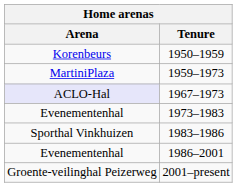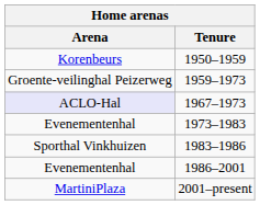 <table class="wikitable" style="text-align:center">
 <tr>
 <th colspan="3">Home arenas</th>
 </tr>
 <tr>
 <th>Arena</th>
 <th>Tenure</th>
 </tr>
 <tr>
 <td><a href='#'>Korenbeurs</a></td>
 <td>1950–1959</td>
 </tr>
 <tr>
-<td><a href='#'>MartiniPlaza</a></td>
+<td>Groente-veilinghal Peizerweg</td>
 <td>1959–1973</td>
 </tr>
 <tr>
 <td style="background: lavender;">ACLO-Hal</td>
 <td>1967–1973</td>
 </tr>
 <tr>
 <td>Evenementenhal</td>
 <td>1973–1983</td>
 </tr>
 <tr>
 <td>Sporthal Vinkhuizen</td>
 <td>1983–1986</td>
 </tr>
 <tr>
 <td>Evenementenhal</td>
 <td>1986–2001</td>
 </tr>
 <tr>
-<td>Groente-veilinghal Peizerweg</td>
+<td><a href='#'>MartiniPlaza</a></td>
 <td>2001–present</td>
 </tr>
 </table>
